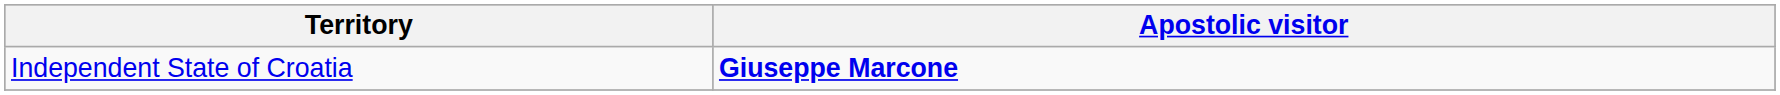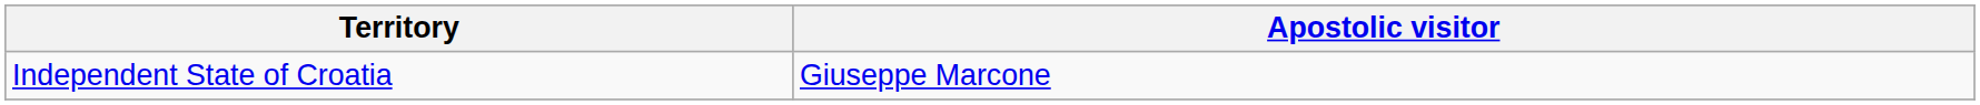 <table class="wikitable sortable">
 <tr>
 <th width="20%">Territory</th>
 <th width="30%"><a href='#'>Apostolic visitor</a></th>
 </tr>
 <tr>
 <td><a href='#'>Independent State of Croatia</a></td>
-<td><strong><a href='#'>Giuseppe Marcone</a></strong></td>
+<td><a href='#'>Giuseppe Marcone</a></td>
 </tr>
 </table>
